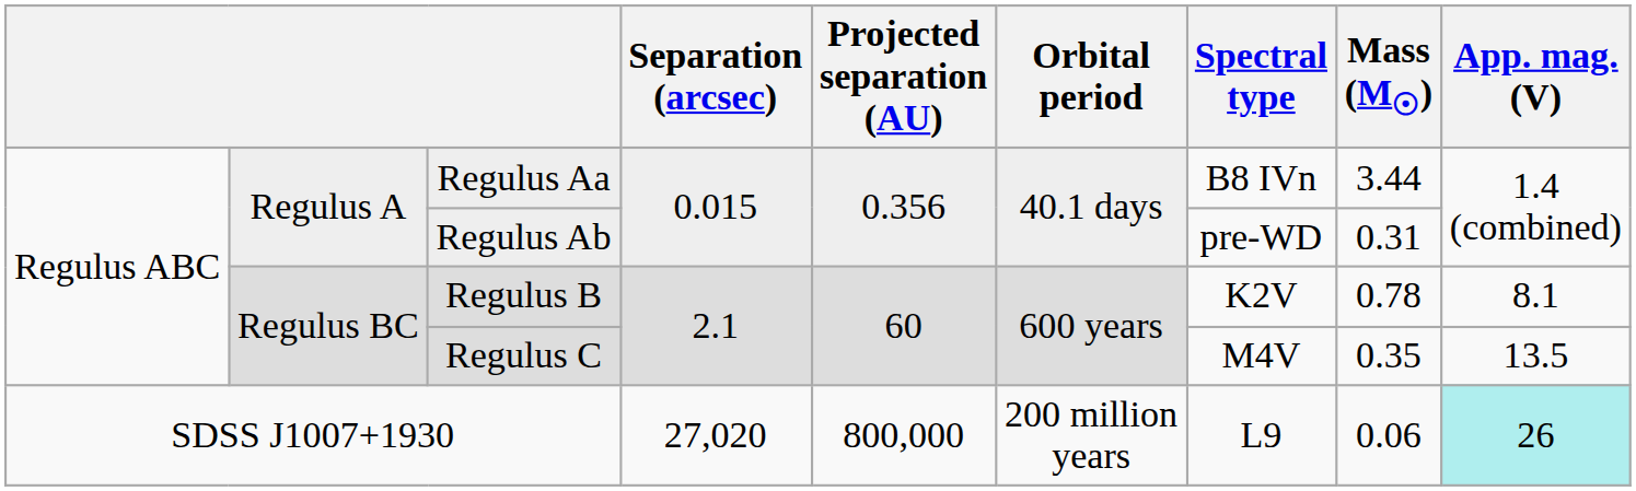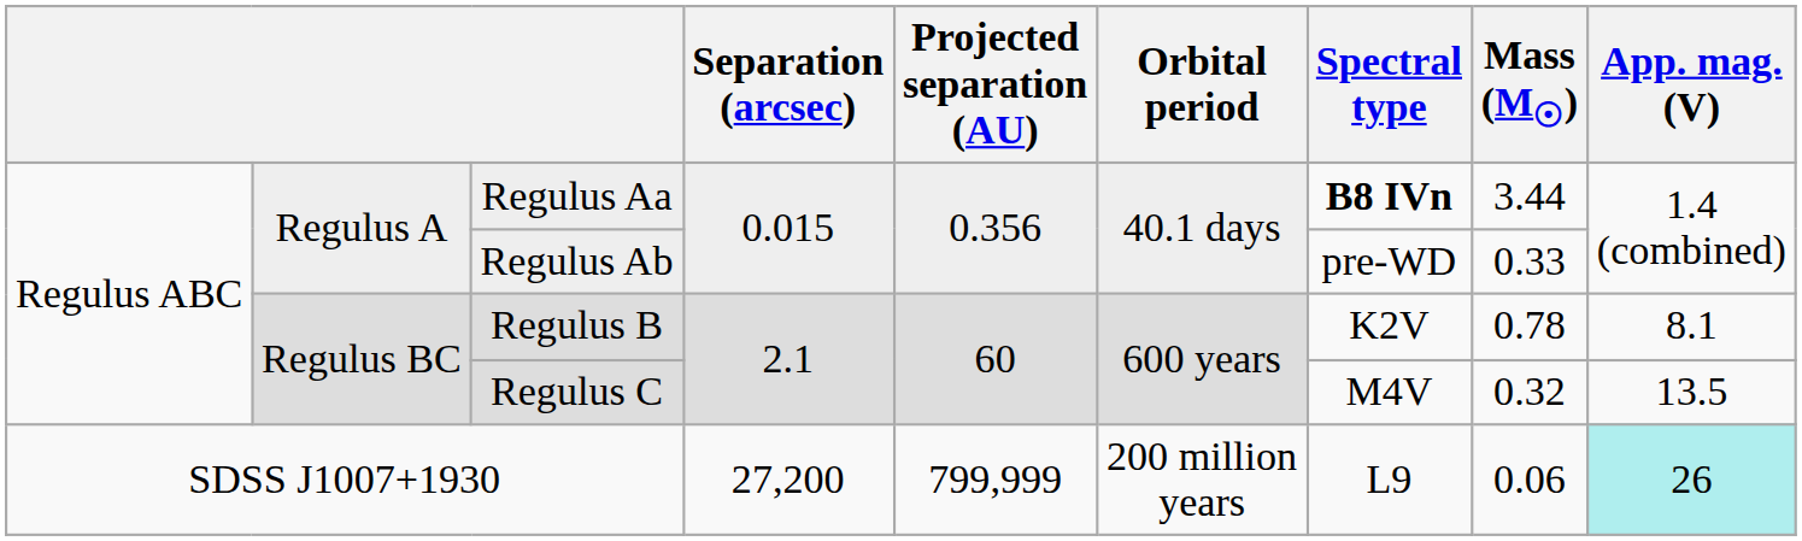 <table class="wikitable" align=center>
 <tr>
 <th colspan=3></th>
 <th>Separation<br>(<a href='#'>arcsec</a>)</th>
 <th>Projected<br>separation<br>(<a href='#'>AU</a>)</th>
 <th>Orbital<br>period</th>
 <th><a href='#'>Spectral<br>type</a></th>
 <th>Mass<br>(<a href='#'>M<sub>☉</sub></a>)</th>
 <th><a href='#'>App. mag.</a><br>(V)</th>
 </tr>
 <tr>
 <td align=center rowspan=4>Regulus ABC</td>
 <td align=center rowspan=2 style="background-color: #EEEEEE">Regulus A</td>
 <td align=center style="background-color: #EEEEEE">Regulus Aa</td>
 <td align=center rowspan=2 style="background-color: #EEEEEE">0.015</td>
 <td align=center rowspan=2 style="background-color: #EEEEEE">0.356</td>
 <td align=center rowspan=2 style="background-color: #EEEEEE">40.1 days</td>
-<td align=center style="background: ">B8 IVn</td>
+<td align=center style="background: "><strong>B8 IVn</strong></td>
 <td align=center>3.44</td>
 <td align=center rowspan=2>1.4<br>(combined)</td>
 </tr>
 <tr>
 <td align=center style="background-color: #EEEEEE">Regulus Ab</td>
 <td align=center style="background: ">pre-WD</td>
-<td align=center>0.31</td>
+<td align=center>0.33</td>
 </tr>
 <tr>
 <td align=center rowspan=2 style="background-color: #DDDDDD">Regulus BC</td>
 <td align=center style="background-color: #DDDDDD">Regulus B</td>
 <td align=center rowspan=2 style="background-color: #DDDDDD">2.1</td>
 <td align=center rowspan=2 style="background-color: #DDDDDD">60</td>
 <td align=center rowspan=2 style="background-color: #DDDDDD">600 years</td>
 <td align=center style="background: ">K2V</td>
 <td align=center>0.78</td>
 <td align=center>8.1</td>
 </tr>
 <tr>
 <td align=center style="background-color: #DDDDDD">Regulus C</td>
 <td align=center style="background: ">M4V</td>
-<td align=center>0.35</td>
+<td align=center>0.32</td>
 <td align=center>13.5</td>
 </tr>
 <tr>
 <td align=center colspan=3>SDSS J1007+1930</td>
-<td align=center>27,020</td>
-<td align=center>800,000</td>
+<td align=center>27,200</td>
+<td align=center>799,999</td>
 <td align=center>200 million<br>years</td>
 <td align=center style="background: ">L9</td>
 <td align=center>0.06</td>
 <td align=center style="background: paleturquoise;">26</td>
 </tr>
 </table>
